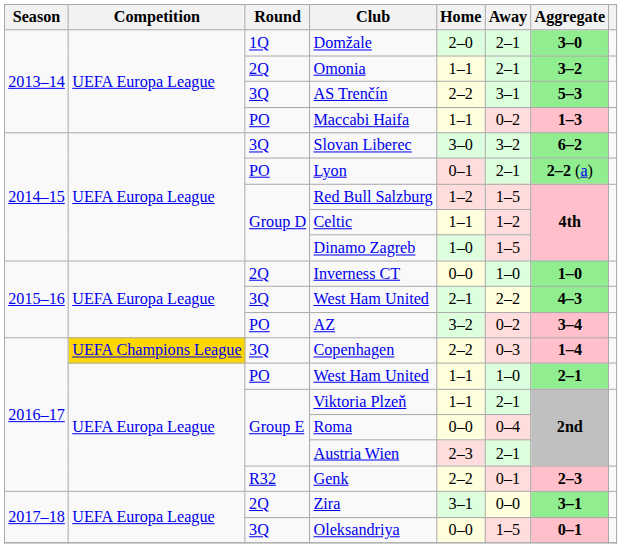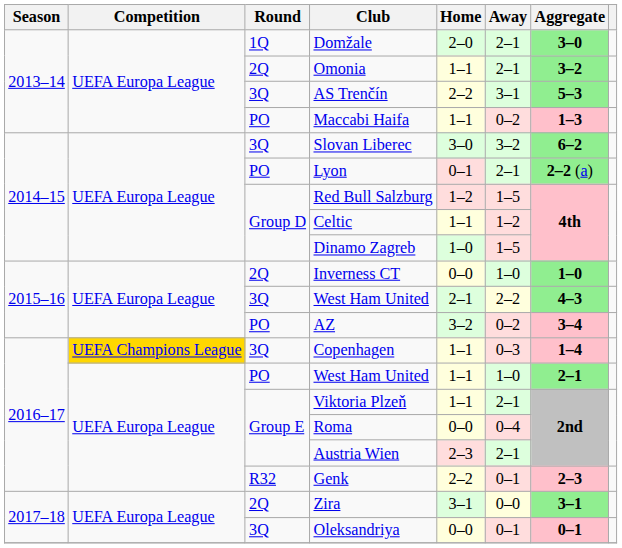 <table class="wikitable collapsible autocollapse">
 <tr>
 <th>Season</th>
 <th>Competition</th>
 <th>Round</th>
 <th>Club</th>
 <th>Home</th>
 <th>Away</th>
 <th>Aggregate</th>
 <th></th>
 </tr>
 <tr>
 <td rowspan="4"><a href='#'>2013–14</a></td>
 <td rowspan="4"><a href='#'>UEFA Europa League</a></td>
 <td><a href='#'>1Q</a></td>
 <td> <a href='#'>Domžale</a></td>
 <td bgcolor="#ddffdd" align="center">2–0</td>
 <td bgcolor="#ddffdd" style="text-align:center;">2–1</td>
 <td bgcolor=lightgreen align="center"><strong>3–0</strong></td>
 <td></td>
 </tr>
 <tr>
 <td><a href='#'>2Q</a></td>
 <td> <a href='#'>Omonia</a></td>
 <td bgcolor="#ffffdd" align="center">1–1</td>
 <td bgcolor="#ddffdd" align="center">2–1</td>
 <td bgcolor=lightgreen align="center"><strong>3–2</strong></td>
 <td></td>
 </tr>
 <tr>
 <td><a href='#'>3Q</a></td>
 <td> <a href='#'>AS Trenčín</a></td>
 <td bgcolor="#ffffdd" align="center">2–2</td>
 <td bgcolor="#ddffdd" align="center">3–1</td>
 <td bgcolor=lightgreen align="center"><strong>5–3</strong></td>
 <td></td>
 </tr>
 <tr>
 <td><a href='#'>PO</a></td>
 <td> <a href='#'>Maccabi Haifa</a></td>
 <td bgcolor="#ffffdd" style="text-align:center;">1–1</td>
 <td bgcolor="#ffdddd" style="text-align:center;">0–2</td>
 <td bgcolor=pink style="text-align:center;"><strong>1–3</strong></td>
 <td></td>
 </tr>
 <tr>
 <td rowspan="5"><a href='#'>2014–15</a></td>
 <td rowspan="5"><a href='#'>UEFA Europa League</a></td>
 <td><a href='#'>3Q</a></td>
 <td> <a href='#'>Slovan Liberec</a></td>
 <td bgcolor="#ddffdd" align="center">3–0</td>
 <td bgcolor="#ddffdd" align="center">3–2</td>
 <td bgcolor=lightgreen align="center"><strong>6–2</strong></td>
 <td></td>
 </tr>
 <tr>
 <td><a href='#'>PO</a></td>
 <td> <a href='#'>Lyon</a></td>
 <td bgcolor="#ffdddd" align="center">0–1</td>
 <td bgcolor="#ddffdd" align="center">2–1</td>
 <td bgcolor=lightgreen align="center"><strong>2–2</strong> (<a href='#'>a</a>)</td>
 <td></td>
 </tr>
 <tr>
 <td rowspan="3"><a href='#'>Group D</a></td>
 <td> <a href='#'>Red Bull Salzburg</a></td>
 <td bgcolor="#ffdddd" style="text-align:center;">1–2</td>
 <td bgcolor="#ffdddd" style="text-align:center;">1–5</td>
 <td rowspan="3" bgcolor=pink align="center"><strong>4th</strong></td>
 <td rowspan="3"></td>
 </tr>
 <tr>
 <td> <a href='#'>Celtic</a></td>
 <td bgcolor="#ffffdd" style="text-align:center;">1–1</td>
 <td bgcolor="#ffdddd" style="text-align:center;">1–2</td>
 </tr>
 <tr>
 <td> <a href='#'>Dinamo Zagreb</a></td>
 <td bgcolor="#ddffdd" style="text-align:center;">1–0</td>
 <td bgcolor="#ffdddd" style="text-align:center;">1–5</td>
 </tr>
 <tr>
 <td rowspan=3><a href='#'>2015–16</a></td>
 <td rowspan=3><a href='#'>UEFA Europa League</a></td>
 <td><a href='#'>2Q</a></td>
 <td> <a href='#'>Inverness CT</a></td>
 <td bgcolor="#ffffdd" align="center">0–0</td>
 <td bgcolor="#ddffdd" align="center">1–0</td>
 <td bgcolor=lightgreen align="center"><strong>1–0</strong></td>
 <td></td>
 </tr>
 <tr>
 <td><a href='#'>3Q</a></td>
 <td> <a href='#'>West Ham United</a></td>
 <td bgcolor="#ddffdd" align="center">2–1</td>
 <td bgcolor="#ffffdd" align="center">2–2</td>
 <td bgcolor=lightgreen align="center"><strong>4–3</strong></td>
 <td></td>
 </tr>
 <tr>
 <td style="background-color:"><a href='#'>PO</a></td>
 <td style="background-color:"> <a href='#'>AZ</a></td>
 <td bgcolor="#ddffdd" align="center">3–2</td>
 <td bgcolor="#ffdddd" align="center">0–2</td>
 <td bgcolor=pink align="center"><strong>3–4</strong></td>
 <td></td>
 </tr>
 <tr>
 <td rowspan="6"><a href='#'>2016–17</a></td>
 <td style="background: gold;"><a href='#'>UEFA Champions League</a></td>
 <td><a href='#'>3Q</a></td>
 <td> <a href='#'>Copenhagen</a></td>
-<td bgcolor="#ffffdd" align="center">2–2</td>
+<td bgcolor="#ffffdd" align="center">1–1</td>
 <td bgcolor="#ffdddd" align="center">0–3</td>
 <td bgcolor=pink align="center"><strong>1–4</strong></td>
 <td></td>
 </tr>
 <tr>
 <td rowspan="5"><a href='#'>UEFA Europa League</a></td>
 <td><a href='#'>PO</a></td>
 <td> <a href='#'>West Ham United</a></td>
 <td bgcolor="#ffffdd" align="center">1–1</td>
 <td bgcolor="#ddffdd" align="center">1–0</td>
 <td bgcolor=lightgreen align="center"><strong>2–1</strong></td>
 <td></td>
 </tr>
 <tr>
 <td rowspan="3"><a href='#'>Group E</a></td>
 <td> <a href='#'>Viktoria Plzeň</a></td>
 <td bgcolor="#ffffdd" style="text-align:center;">1–1</td>
 <td bgcolor="#ddffdd" style="text-align:center;">2–1</td>
 <td bgcolor="silver" rowspan="3" align="center"><strong>2nd</strong></td>
 <td rowspan="3"></td>
 </tr>
 <tr>
 <td> <a href='#'>Roma</a></td>
 <td bgcolor="#ffffdd" style="text-align:center;">0–0</td>
 <td bgcolor="#ffdddd" style="text-align:center;">0–4</td>
 </tr>
 <tr>
 <td> <a href='#'>Austria Wien</a></td>
 <td bgcolor="#ffdddd" style="text-align:center;">2–3</td>
 <td bgcolor="#ddffdd" style="text-align:center;">2–1</td>
 </tr>
 <tr>
 <td><a href='#'>R32</a></td>
 <td> <a href='#'>Genk</a></td>
 <td bgcolor="#ffffdd" align="center">2–2</td>
 <td bgcolor="#ffdddd" align="center">0–1</td>
 <td bgcolor=pink align="center"><strong>2–3</strong></td>
 <td></td>
 </tr>
 <tr>
 <td rowspan="2"><a href='#'>2017–18</a></td>
 <td rowspan="2"><a href='#'>UEFA Europa League</a></td>
 <td><a href='#'>2Q</a></td>
 <td> <a href='#'>Zira</a></td>
 <td bgcolor="#ddffdd" align="center">3–1</td>
 <td bgcolor="#ffffdd" align="center">0–0</td>
 <td bgcolor=lightgreen align="center"><strong>3–1</strong></td>
 <td></td>
 </tr>
 <tr>
 <td><a href='#'>3Q</a></td>
 <td> <a href='#'>Oleksandriya</a></td>
 <td bgcolor="#ffffdd" align="center">0–0</td>
-<td bgcolor="#ffdddd" style="text-align:center;">1–5</td>
+<td bgcolor="#ffdddd" align="center">0–1</td>
 <td bgcolor=pink align="center"><strong>0–1</strong></td>
 <td align="center"></td>
 </tr>
 <tr>
 </tr>
 </table>
